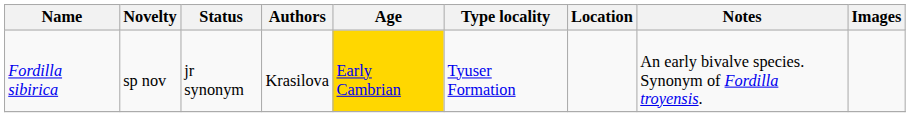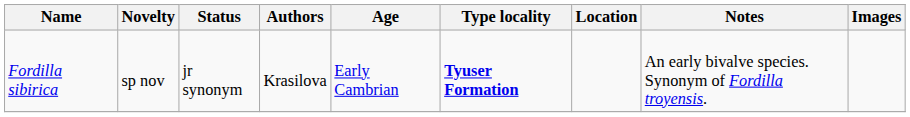 <table class="wikitable sortable" align="center" width="100%">
 <tr>
 <th>Name</th>
 <th>Novelty</th>
 <th>Status</th>
 <th>Authors</th>
 <th>Age</th>
 <th>Type locality</th>
 <th>Location</th>
 <th>Notes</th>
 <th>Images</th>
 </tr>
 <tr>
 <td><br><em><a href='#'>Fordilla sibirica</a></em></td>
 <td><br>sp nov</td>
 <td><br>jr synonym</td>
 <td><br>Krasilova</td>
-<td style="background: gold;"><br><a href='#'>Early Cambrian</a></td>
-<td><br><a href='#'>Tyuser Formation</a></td>
+<td><br><a href='#'>Early Cambrian</a></td>
+<td><strong><br><a href='#'>Tyuser Formation</a></strong></td>
 <td><br></td>
 <td><br>An early bivalve species.<br>Synonym of <em><a href='#'>Fordilla troyensis</a></em>.</td>
 <td></td>
 </tr>
 <tr>
 </tr>
 </table>
